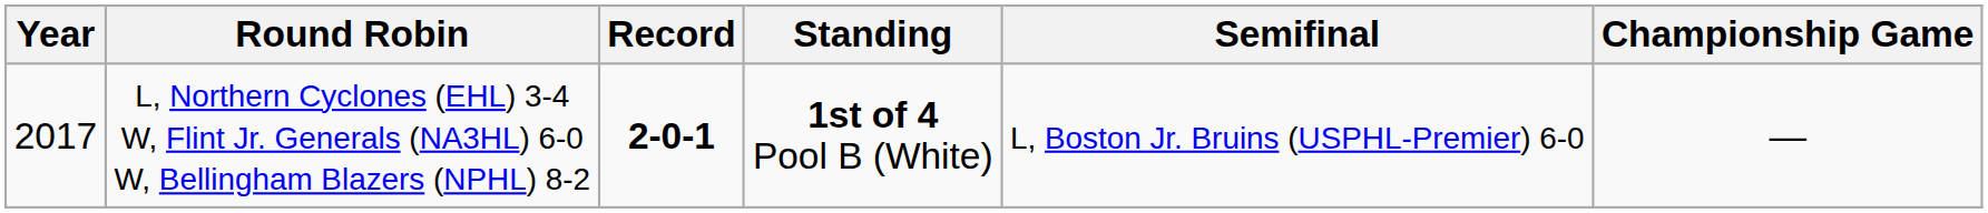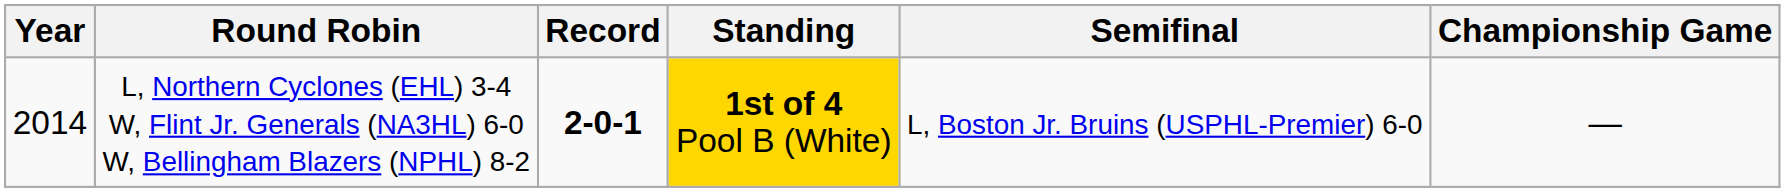 <table class="wikitable">
 <tr>
 <th>Year</th>
 <th>Round Robin</th>
 <th>Record</th>
 <th>Standing</th>
 <th>Semifinal</th>
 <th>Championship Game</th>
 </tr>
 <tr align=center>
-<td>2017</td>
+<td>2014</td>
 <td><small>L, <a href='#'>Northern Cyclones</a> (<a href='#'>EHL</a>) 3-4<br>W, <a href='#'>Flint Jr. Generals</a> (<a href='#'>NA3HL</a>) 6-0<br>W, <a href='#'>Bellingham Blazers</a> (<a href='#'>NPHL</a>) 8-2</small></td>
 <td><strong>2-0-1</strong></td>
-<td><strong>1st of 4</strong><br>Pool B (White)</td>
+<td style="background: gold;"><strong>1st of 4</strong><br>Pool B (White)</td>
 <td><small>L, <a href='#'>Boston Jr. Bruins</a> (<a href='#'>USPHL-Premier</a>) 6-0</small></td>
 <td>—</td>
 </tr>
 </table>
